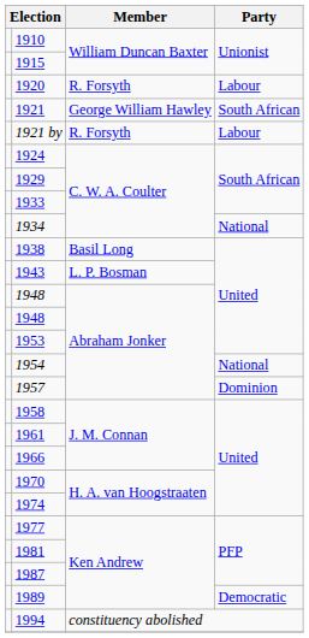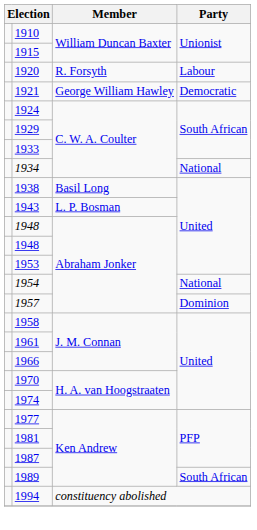 <table class="wikitable">
 <tr>
 <th colspan="2">Election</th>
 <th>Member</th>
 <th>Party</th>
 </tr>
 <tr>
 <td style="background-color: "></td>
 <td><a href='#'>1910</a></td>
 <td rowspan="2"><a href='#'>William Duncan Baxter</a></td>
 <td rowspan="2"><a href='#'>Unionist</a></td>
 </tr>
 <tr>
 <td style="background-color: "></td>
 <td><a href='#'>1915</a></td>
 </tr>
 <tr>
 <td style="background-color: "></td>
 <td><a href='#'>1920</a></td>
 <td><a href='#'>R. Forsyth</a></td>
 <td><a href='#'>Labour</a></td>
 </tr>
 <tr>
 <td style="background-color: "></td>
 <td><a href='#'>1921</a></td>
 <td><a href='#'>George William Hawley</a></td>
-<td><a href='#'>South African</a></td>
-</tr>
-<tr>
-<td style="background-color: "></td>
-<td><em>1921 by</em></td>
-<td><a href='#'>R. Forsyth</a></td>
-<td><a href='#'>Labour</a></td>
+<td><a href='#'>Democratic</a></td>
 </tr>
 <tr>
 <td style="background-color: "></td>
 <td><a href='#'>1924</a></td>
 <td rowspan="4"><a href='#'>C. W. A. Coulter</a></td>
 <td rowspan="3"><a href='#'>South African</a></td>
 </tr>
 <tr>
 <td style="background-color: "></td>
 <td><a href='#'>1929</a></td>
 </tr>
 <tr>
 <td style="background-color: "></td>
 <td><a href='#'>1933</a></td>
 </tr>
 <tr>
 <td style="background-color: "></td>
 <td><em>1934</em></td>
 <td><a href='#'>National</a></td>
 </tr>
 <tr>
 <td style="background-color: "></td>
 <td><a href='#'>1938</a></td>
 <td><a href='#'>Basil Long</a></td>
 <td rowspan="5"><a href='#'>United</a></td>
 </tr>
 <tr>
 <td style="background-color: "></td>
 <td><a href='#'>1943</a></td>
 <td><a href='#'>L. P. Bosman</a></td>
 </tr>
 <tr>
 <td style="background-color: "></td>
 <td><em>1948</em></td>
 <td rowspan="5"><a href='#'>Abraham Jonker</a></td>
 </tr>
 <tr>
 <td style="background-color: "></td>
 <td><a href='#'>1948</a></td>
 </tr>
 <tr>
 <td style="background-color: "></td>
 <td><a href='#'>1953</a></td>
 </tr>
 <tr>
 <td style="background-color: "></td>
 <td><em>1954</em></td>
 <td><a href='#'>National</a></td>
 </tr>
 <tr>
 <td style="background-color: "></td>
 <td><em>1957</em></td>
 <td><a href='#'>Dominion</a></td>
 </tr>
 <tr>
 <td style="background-color: "></td>
 <td><a href='#'>1958</a></td>
 <td rowspan="3"><a href='#'>J. M. Connan</a></td>
 <td rowspan="5"><a href='#'>United</a></td>
 </tr>
 <tr>
 <td style="background-color: "></td>
 <td><a href='#'>1961</a></td>
 </tr>
 <tr>
 <td style="background-color: "></td>
 <td><a href='#'>1966</a></td>
 </tr>
 <tr>
 <td style="background-color: "></td>
 <td><a href='#'>1970</a></td>
 <td rowspan="2"><a href='#'>H. A. van Hoogstraaten</a></td>
 </tr>
 <tr>
 <td style="background-color: "></td>
 <td><a href='#'>1974</a></td>
 </tr>
 <tr>
 <td style="background-color: "></td>
 <td><a href='#'>1977</a></td>
 <td rowspan="4"><a href='#'>Ken Andrew</a></td>
 <td rowspan="3"><a href='#'>PFP</a></td>
 </tr>
 <tr>
 <td style="background-color: "></td>
 <td><a href='#'>1981</a></td>
 </tr>
 <tr>
 <td style="background-color: "></td>
 <td><a href='#'>1987</a></td>
 </tr>
 <tr>
 <td style="background-color: "></td>
 <td><a href='#'>1989</a></td>
-<td><a href='#'>Democratic</a></td>
+<td><a href='#'>South African</a></td>
 </tr>
 <tr>
 <td style="background-color: "></td>
 <td><a href='#'>1994</a></td>
 <td colspan="2"><em>constituency abolished</em></td>
 </tr>
 <tr>
 </tr>
 </table>
